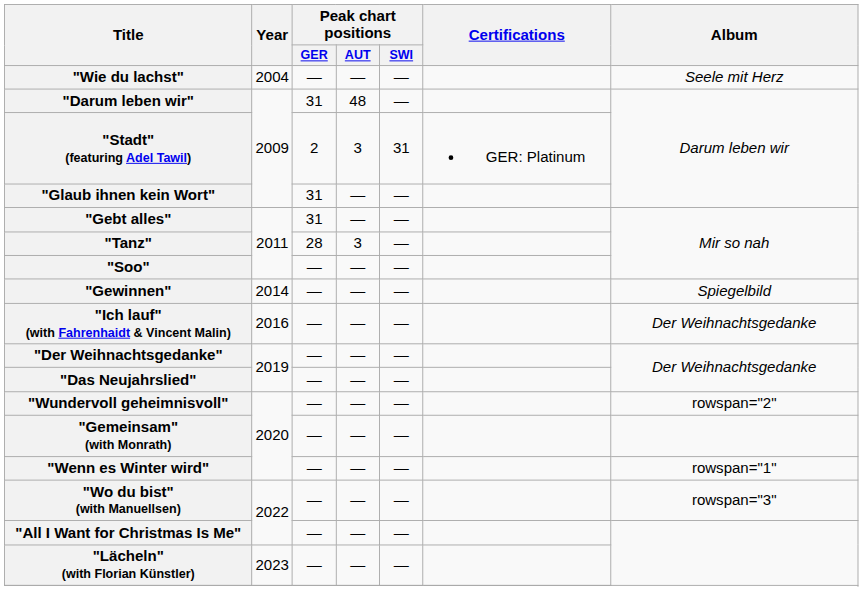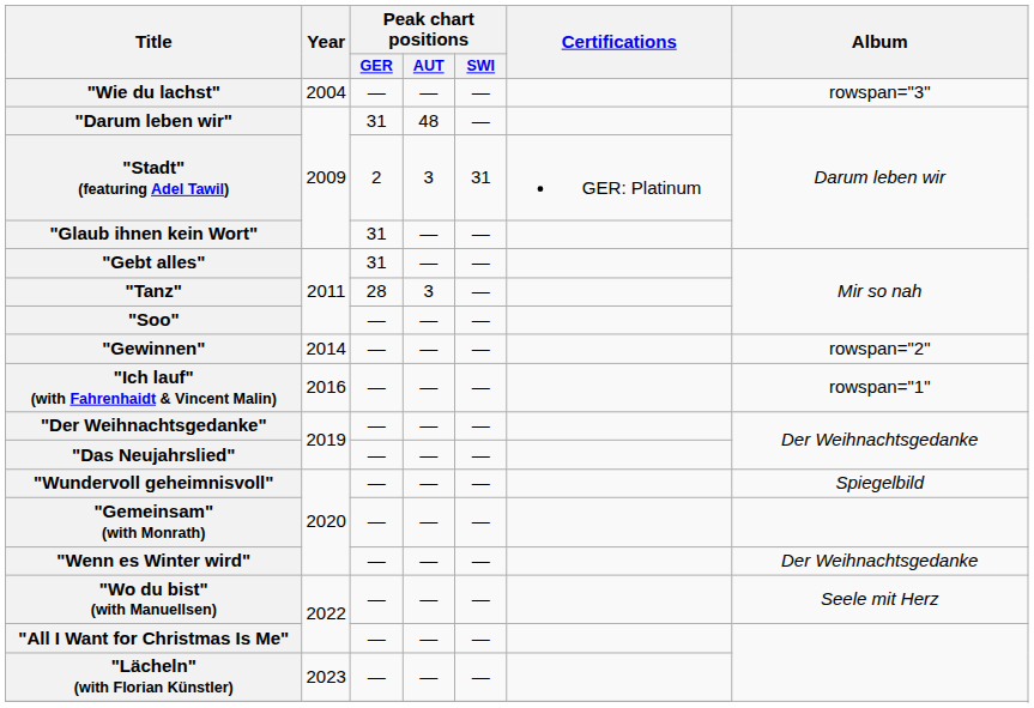 <table class="wikitable plainrowheaders" style="text-align:center;" border="1">
 <tr>
 <th scope="col" rowspan="2" style="width:16em;">Title</th>
 <th scope="col" rowspan="2">Year</th>
 <th scope="col" colspan="3">Peak chart positions</th>
 <th scope="col" rowspan="2" style="width:12em;"><a href='#'>Certifications</a></th>
 <th scope="col" rowspan="2" style="width:16em;">Album</th>
 </tr>
 <tr style="font-size:smaller;">
 <th width="40"><a href='#'>GER</a><br></th>
 <th width="40"><a href='#'>AUT</a><br></th>
 <th width="40"><a href='#'>SWI</a><br></th>
 </tr>
 <tr>
 <th scope="row">"Wie du lachst"</th>
 <td rowspan="1">2004</td>
 <td align="center">—</td>
 <td align="center">—</td>
 <td align="center">—</td>
 <td></td>
-<td rowspan="1"><em>Seele mit Herz</em></td>
+<td>rowspan="3" </td>
 </tr>
 <tr>
 <th scope="row">"Darum leben wir"</th>
 <td rowspan="3">2009</td>
 <td align="center">31</td>
 <td align="center">48</td>
 <td align="center">—</td>
 <td></td>
 <td rowspan="3"><em>Darum leben wir</em></td>
 </tr>
 <tr>
 <th scope="row">"Stadt" <br><small>(featuring <a href='#'>Adel Tawil</a>)</small></th>
 <td align="center">2</td>
 <td align="center">3</td>
 <td align="center">31</td>
 <td><br><ul><li>GER: Platinum</li></ul></td>
 </tr>
 <tr>
 <th scope="row">"Glaub ihnen kein Wort"</th>
 <td align="center">31</td>
 <td align="center">—</td>
 <td align="center">—</td>
 <td></td>
 </tr>
 <tr>
 <th scope="row">"Gebt alles"</th>
 <td rowspan="3">2011</td>
 <td align="center">31</td>
 <td align="center">—</td>
 <td align="center">—</td>
 <td></td>
 <td rowspan="3"><em>Mir so nah</em></td>
 </tr>
 <tr>
 <th scope="row">"Tanz"</th>
 <td align="center">28</td>
 <td align="center">3</td>
 <td align="center">—</td>
 <td></td>
 </tr>
 <tr>
 <th scope="row">"Soo"</th>
 <td align="center">—</td>
 <td align="center">—</td>
 <td align="center">—</td>
 <td></td>
 </tr>
 <tr>
 <th scope="row">"Gewinnen"</th>
 <td rowspan="1">2014</td>
 <td align="center">—</td>
 <td align="center">—</td>
 <td align="center">—</td>
 <td></td>
-<td rowspan="1"><em>Spiegelbild</em></td>
+<td>rowspan="2" </td>
 </tr>
 <tr>
 <th scope="row">"Ich lauf" <br><small>(with <a href='#'>Fahrenhaidt</a> & Vincent Malin)</small></th>
 <td>2016</td>
 <td align="center">—</td>
 <td align="center">—</td>
 <td align="center">—</td>
 <td></td>
-<td><em>Der Weihnachtsgedanke</em></td>
+<td>rowspan="1" </td>
 </tr>
 <tr>
 <th scope="row">"Der Weihnachtsgedanke"</th>
 <td rowspan="2">2019</td>
 <td align="center">—</td>
 <td align="center">—</td>
 <td align="center">—</td>
 <td></td>
 <td rowspan="2"><em>Der Weihnachtsgedanke</em></td>
 </tr>
 <tr>
 <th scope="row">"Das Neujahrslied"</th>
 <td align="center">—</td>
 <td align="center">—</td>
 <td align="center">—</td>
 <td></td>
 </tr>
 <tr>
 <th scope="row">"Wundervoll geheimnisvoll"</th>
 <td rowspan="3">2020</td>
 <td align="center">—</td>
 <td align="center">—</td>
 <td align="center">—</td>
 <td></td>
-<td>rowspan="2" </td>
+<td rowspan="1"><em>Spiegelbild</em></td>
 </tr>
 <tr>
 <th scope="row">"Gemeinsam" <br><small>(with Monrath)</small></th>
 <td align="center">—</td>
 <td align="center">—</td>
 <td align="center">—</td>
 <td></td>
 </tr>
 <tr>
 <th scope="row">"Wenn es Winter wird"</th>
 <td align="center">—</td>
 <td align="center">—</td>
 <td align="center">—</td>
 <td></td>
-<td>rowspan="1" </td>
+<td><em>Der Weihnachtsgedanke</em></td>
 </tr>
 <tr>
 <th scope="row">"Wo du bist" <br><small>(with Manuellsen)</small></th>
 <td rowspan="2">2022</td>
 <td align="center">—</td>
 <td align="center">—</td>
 <td align="center">—</td>
 <td></td>
-<td>rowspan="3" </td>
+<td rowspan="1"><em>Seele mit Herz</em></td>
 </tr>
 <tr>
 <th scope="row">"All I Want for Christmas Is Me"</th>
 <td align="center">—</td>
 <td align="center">—</td>
 <td align="center">—</td>
 <td></td>
 </tr>
 <tr>
 <th scope="row">"Lächeln" <br><small>(with Florian Künstler)</small></th>
 <td>2023</td>
 <td align="center">—</td>
 <td align="center">—</td>
 <td align="center">—</td>
 <td></td>
 </tr>
 <tr>
 </tr>
 </table>
